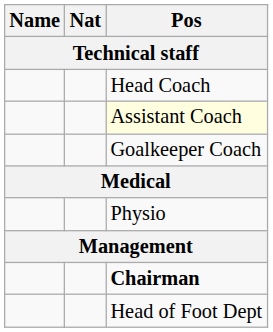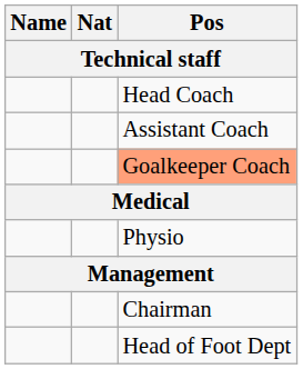 <table class="wikitable ve-ce-branchNode ve-ce-tableNode">
 <tr>
 <th>Name</th>
 <th>Nat</th>
 <th>Pos</th>
 </tr>
 <tr>
 <th colspan="4">Technical staff</th>
 </tr>
 <tr>
 <td></td>
 <td></td>
 <td>Head Coach</td>
 </tr>
 <tr>
 <td></td>
 <td></td>
-<td style="background: lightyellow;">Assistant Coach</td>
+<td>Assistant Coach</td>
 </tr>
 <tr>
 <td></td>
 <td></td>
-<td>Goalkeeper Coach</td>
+<td style="background: lightsalmon;">Goalkeeper Coach</td>
 </tr>
 <tr>
 <th colspan="4">Medical</th>
 </tr>
 <tr>
 <td></td>
 <td></td>
 <td>Physio</td>
 </tr>
 <tr>
 <th colspan="4">Management</th>
 </tr>
 <tr>
 <td></td>
 <td></td>
-<td><strong>Chairman</strong></td>
+<td>Chairman</td>
 </tr>
 <tr>
 <td></td>
 <td></td>
 <td>Head of Foot Dept</td>
 </tr>
 </table>
